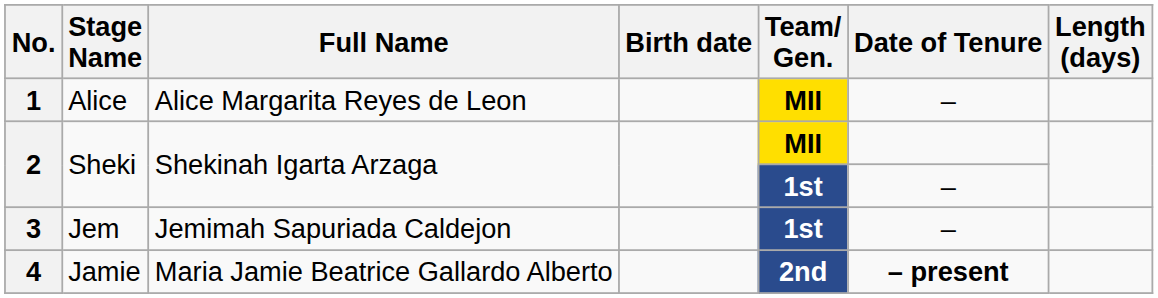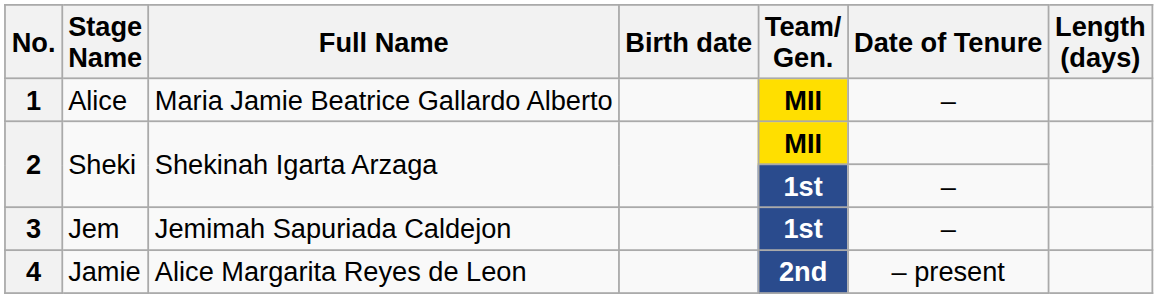 <table class="wikitable" style="margin:1em auto; text-align:center; font-size:95%; white-space: nowrap;">
 <tr>
 <th>No.</th>
 <th>Stage<br>Name</th>
 <th>Full Name</th>
 <th>Birth date</th>
 <th>Team/<br>Gen.</th>
 <th>Date of Tenure</th>
 <th>Length<br>(days)</th>
 </tr>
 <tr>
 <th>1</th>
 <td style="text-align:left;">Alice</td>
-<td style="text-align:left;">Alice Margarita Reyes de Leon</td>
+<td style="text-align:left;">Maria Jamie Beatrice Gallardo Alberto</td>
 <td style="text-align:left;"></td>
 <td style="background:#FFDF00; color:black;"><strong>MII</strong></td>
 <td> – </td>
 <td></td>
 </tr>
 <tr>
 <th rowspan="2">2</th>
 <td rowspan="2" style="text-align:left;">Sheki</td>
 <td rowspan="2" style="text-align:left;">Shekinah Igarta Arzaga</td>
 <td rowspan="2" style="text-align:left;"></td>
 <td style="background:#FFDF00; color:black;"><strong>MII</strong></td>
 <td></td>
 <td rowspan="2"></td>
 </tr>
 <tr>
 <td style="background:#2A4B8D; color:white;"><strong>1st</strong></td>
 <td> – </td>
 </tr>
 <tr>
 <th>3</th>
 <td style="text-align:left;">Jem</td>
 <td style="text-align:left;">Jemimah Sapuriada Caldejon</td>
 <td style="text-align:left;"></td>
 <td style="background:#2A4B8D; color:white;"><strong>1st</strong></td>
 <td> – </td>
 <td></td>
 </tr>
 <tr>
 <th>4</th>
 <td style="text-align:left;">Jamie</td>
-<td style="text-align:left;">Maria Jamie Beatrice Gallardo Alberto</td>
+<td style="text-align:left;">Alice Margarita Reyes de Leon</td>
 <td style="text-align:left;"></td>
 <td style="background:#2A4B8D; color:white;"><strong>2nd</strong></td>
-<td><strong> – present</strong></td>
+<td> – present</td>
 <td></td>
 </tr>
 </table>
